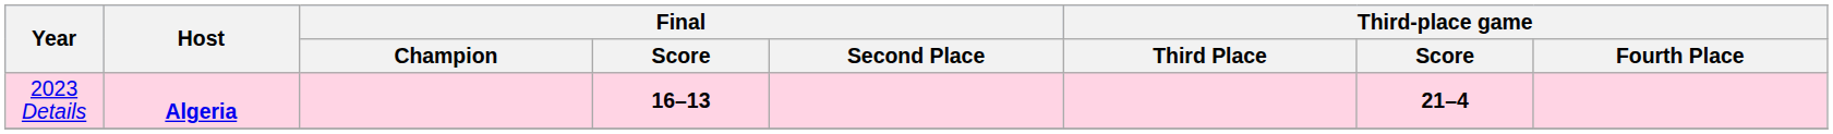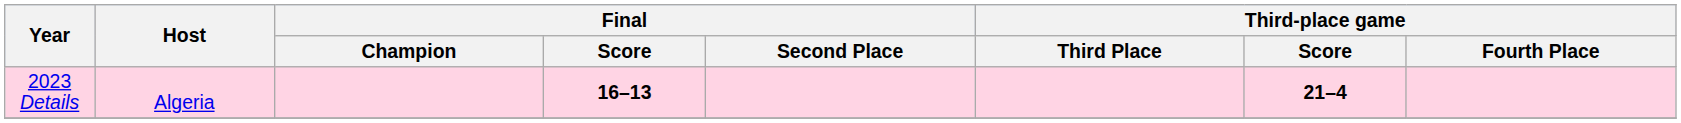 <table class="wikitable" style="font-size:90%; width: 98%; text-align: center;">
 <tr bgcolor=#C1D8FF>
 <th rowspan=2 width=5%>Year</th>
 <th rowspan=2 width=10%>Host</th>
 <th colspan=3>Final</th>
 <th colspan=3>Third-place game</th>
 </tr>
 <tr bgcolor=#EFEFEF>
 <th width=15%>Champion</th>
 <th width=9%>Score</th>
 <th width=15%>Second Place</th>
 <th width=15%>Third Place</th>
 <th width=9%>Score</th>
 <th width=15%>Fourth Place</th>
 </tr>
 <tr bgcolor=FFD4E4>
 <td><a href='#'>2023</a><br><em><a href='#'>Details</a></em></td>
-<td><strong><br><a href='#'>Algeria</a> </strong></td>
+<td><br><a href='#'>Algeria</a> </td>
 <td><strong></strong></td>
 <td><strong>16–13</strong></td>
 <td></td>
 <td></td>
 <td><strong>21–4</strong></td>
 <td></td>
 </tr>
 <tr bgcolor=#FFD4E4>
 </tr>
 </table>
